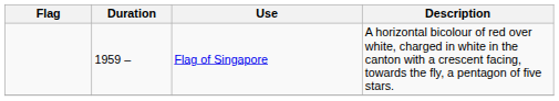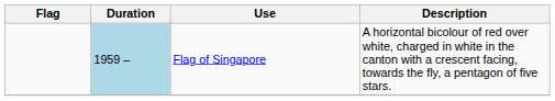 <table class="wikitable">
 <tr>
 <th width="110">Flag</th>
 <th width="100">Duration</th>
 <th width="250">Use</th>
 <th width="250">Description</th>
 </tr>
 <tr>
 <td></td>
-<td>1959 –</td>
+<td style="background: lightblue;">1959 –</td>
 <td><a href='#'>Flag of Singapore</a></td>
 <td>A horizontal bicolour of red over white, charged in white in the canton with a crescent facing, towards the fly, a pentagon of five stars.</td>
 </tr>
 <tr>
 </tr>
 </table>
